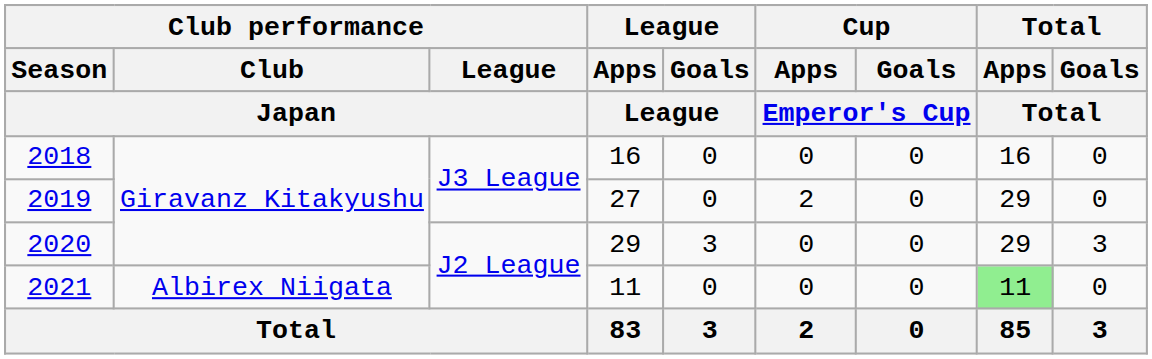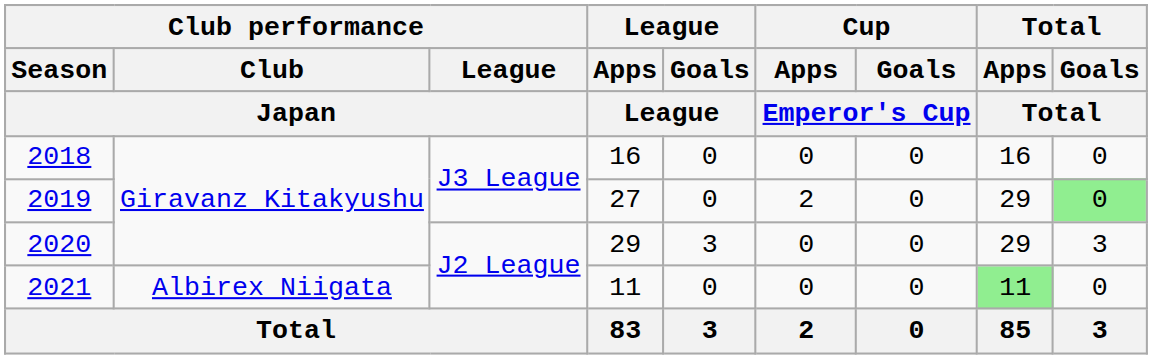 <table class="wikitable" style="text-align:center;">
 <tr>
 <th colspan=3>Club performance</th>
 <th colspan=2>League</th>
 <th colspan=2>Cup</th>
 <th colspan=2>Total</th>
 </tr>
 <tr>
 <th>Season</th>
 <th>Club</th>
 <th>League</th>
 <th>Apps</th>
 <th>Goals</th>
 <th>Apps</th>
 <th>Goals</th>
 <th>Apps</th>
 <th>Goals</th>
 </tr>
 <tr>
 <th colspan=3>Japan</th>
 <th colspan=2>League</th>
 <th colspan=2><a href='#'>Emperor's Cup</a></th>
 <th colspan=2>Total</th>
 </tr>
 <tr>
 <td><a href='#'>2018</a></td>
 <td rowspan="3"><a href='#'>Giravanz Kitakyushu</a></td>
 <td rowspan="2"><a href='#'>J3 League</a></td>
 <td>16</td>
 <td>0</td>
 <td>0</td>
 <td>0</td>
 <td>16</td>
 <td>0</td>
 </tr>
 <tr>
 <td><a href='#'>2019</a></td>
 <td>27</td>
 <td>0</td>
 <td>2</td>
 <td>0</td>
 <td>29</td>
-<td>0</td>
+<td style="background: lightgreen;">0</td>
 </tr>
 <tr>
 <td><a href='#'>2020</a></td>
 <td rowspan="2"><a href='#'>J2 League</a></td>
 <td>29</td>
 <td>3</td>
 <td>0</td>
 <td>0</td>
 <td>29</td>
 <td>3</td>
 </tr>
 <tr>
 <td><a href='#'>2021</a></td>
 <td><a href='#'>Albirex Niigata</a></td>
 <td>11</td>
 <td>0</td>
 <td>0</td>
 <td>0</td>
 <td style="background: lightgreen;">11</td>
 <td>0</td>
 </tr>
 <tr>
 <th colspan=3>Total</th>
 <th>83</th>
 <th>3</th>
 <th>2</th>
 <th>0</th>
 <th>85</th>
 <th>3</th>
 </tr>
 </table>
